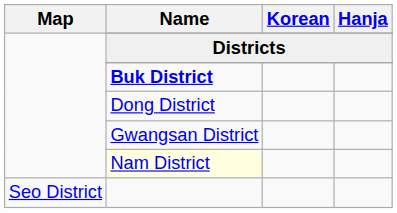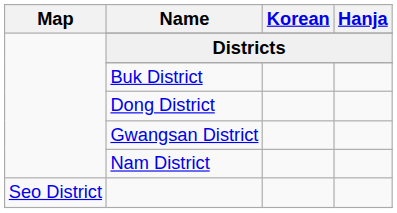 <table class="wikitable">
 <tr>
 <th>Map</th>
 <th>Name</th>
 <th><a href='#'>Korean</a></th>
 <th><a href='#'>Hanja</a></th>
 </tr>
 <tr>
 <td rowspan=7><div><br>  </div></td>
 </tr>
 <tr --------->
 <th colspan="5" style="background-color:#F0F0F0">Districts</th>
 </tr>
 <tr --------->
 </tr>
 <tr>
-<td><strong><a href='#'>Buk District</a></strong></td>
+<td><a href='#'>Buk District</a></td>
 <td></td>
 <td></td>
 </tr>
 <tr>
 <td><a href='#'>Dong District</a></td>
 <td></td>
 <td></td>
 </tr>
 <tr>
 <td><a href='#'>Gwangsan District</a></td>
 <td></td>
 <td></td>
 </tr>
 <tr>
-<td style="background: lightyellow;"><a href='#'>Nam District</a></td>
+<td><a href='#'>Nam District</a></td>
 <td></td>
 <td></td>
 </tr>
 <tr>
 <td><a href='#'>Seo District</a></td>
 <td></td>
 <td></td>
 </tr>
 </table>
